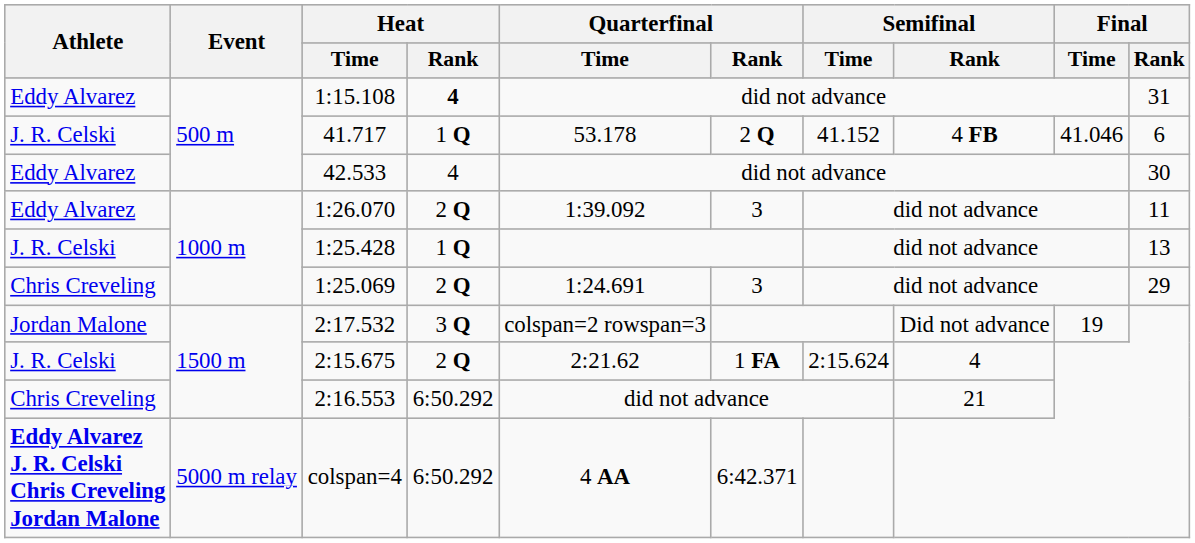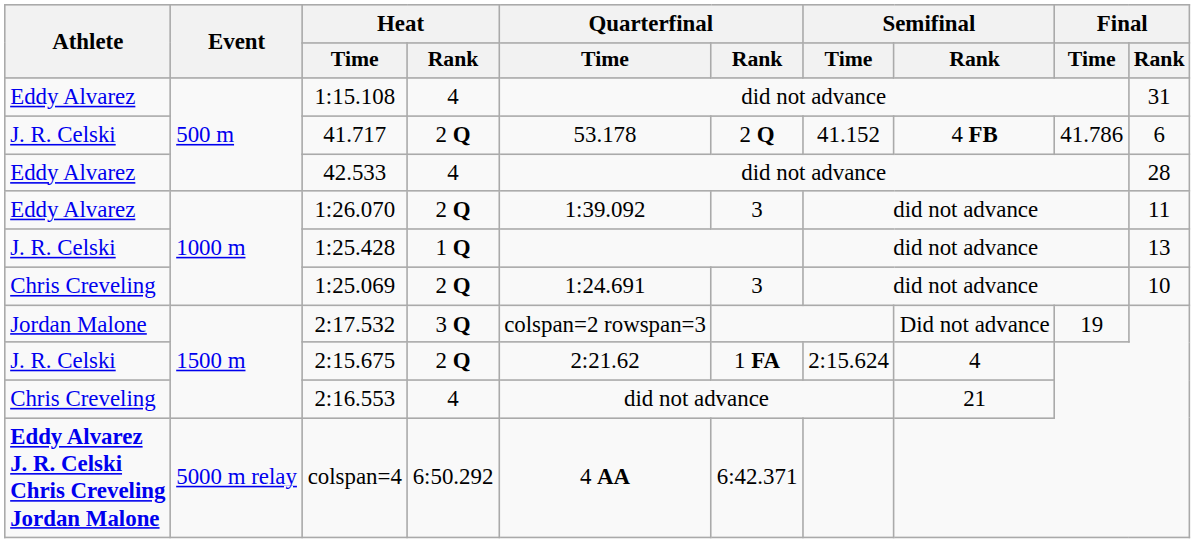 <table class=wikitable style=font-size:90%;text-align:center>
 <tr>
 <th rowspan=2>Athlete</th>
 <th rowspan=2>Event</th>
 <th colspan=2>Heat</th>
 <th colspan=2>Quarterfinal</th>
 <th colspan=2>Semifinal</th>
 <th colspan=2>Final</th>
 </tr>
 <tr style=font-size:95%>
 <th>Time</th>
 <th>Rank</th>
 <th>Time</th>
 <th>Rank</th>
 <th>Time</th>
 <th>Rank</th>
 <th>Time</th>
 <th>Rank</th>
 </tr>
 <tr>
 <td align=left><a href='#'>Eddy Alvarez</a></td>
 <td align=left rowspan=3><a href='#'>500 m</a></td>
 <td>1:15.108</td>
-<td><strong>4</strong></td>
+<td>4</td>
 <td colspan=5>did not advance</td>
 <td>31</td>
 </tr>
 <tr>
 <td align=left><a href='#'>J. R. Celski</a></td>
 <td>41.717</td>
-<td>1 <strong>Q</strong></td>
+<td>2 <strong>Q</strong></td>
 <td>53.178</td>
 <td>2 <strong>Q</strong></td>
 <td>41.152</td>
 <td>4 <strong>FB</strong></td>
-<td>41.046</td>
+<td>41.786</td>
 <td>6</td>
 </tr>
 <tr>
 <td align=left><a href='#'>Eddy Alvarez</a></td>
 <td>42.533</td>
 <td>4</td>
 <td colspan=5>did not advance</td>
-<td>30</td>
+<td>28</td>
 </tr>
 <tr>
 <td align=left><a href='#'>Eddy Alvarez</a></td>
 <td align=left rowspan=3><a href='#'>1000 m</a></td>
 <td>1:26.070</td>
 <td>2 <strong>Q</strong></td>
 <td>1:39.092</td>
 <td>3</td>
 <td colspan=3>did not advance</td>
 <td>11</td>
 </tr>
 <tr>
 <td align=left><a href='#'>J. R. Celski</a></td>
 <td>1:25.428</td>
 <td>1 <strong>Q</strong></td>
 <td colspan=2></td>
 <td colspan=3>did not advance</td>
 <td>13</td>
 </tr>
 <tr>
 <td align=left><a href='#'>Chris Creveling</a></td>
 <td>1:25.069</td>
 <td>2 <strong>Q</strong></td>
 <td>1:24.691</td>
 <td>3</td>
 <td colspan=3>did not advance</td>
-<td>29</td>
+<td>10</td>
 </tr>
 <tr>
 <td align=left><a href='#'>Jordan Malone</a></td>
 <td align=left rowspan=3><a href='#'>1500 m</a></td>
 <td>2:17.532</td>
 <td>3 <strong>Q</strong></td>
 <td>colspan=2 rowspan=3 </td>
 <td colspan=2></td>
 <td>Did not advance</td>
 <td>19</td>
 </tr>
 <tr>
 <td align=left><a href='#'>J. R. Celski</a></td>
 <td>2:15.675</td>
 <td>2 <strong>Q</strong></td>
 <td>2:21.62</td>
 <td>1 <strong>FA</strong></td>
 <td>2:15.624</td>
 <td>4</td>
 </tr>
 <tr>
 <td align=left><a href='#'>Chris Creveling</a></td>
 <td>2:16.553</td>
-<td>6:50.292</td>
+<td>4</td>
 <td colspan=3>did not advance</td>
 <td>21</td>
 </tr>
 <tr>
 <td align=left><strong><a href='#'>Eddy Alvarez</a><br><a href='#'>J. R. Celski</a><br><a href='#'>Chris Creveling</a><br><a href='#'>Jordan Malone</a></strong></td>
 <td align=left><a href='#'>5000 m relay</a></td>
 <td>colspan=4 </td>
 <td>6:50.292</td>
 <td>4 <strong>AA</strong></td>
 <td>6:42.371</td>
 <td></td>
 </tr>
 </table>
